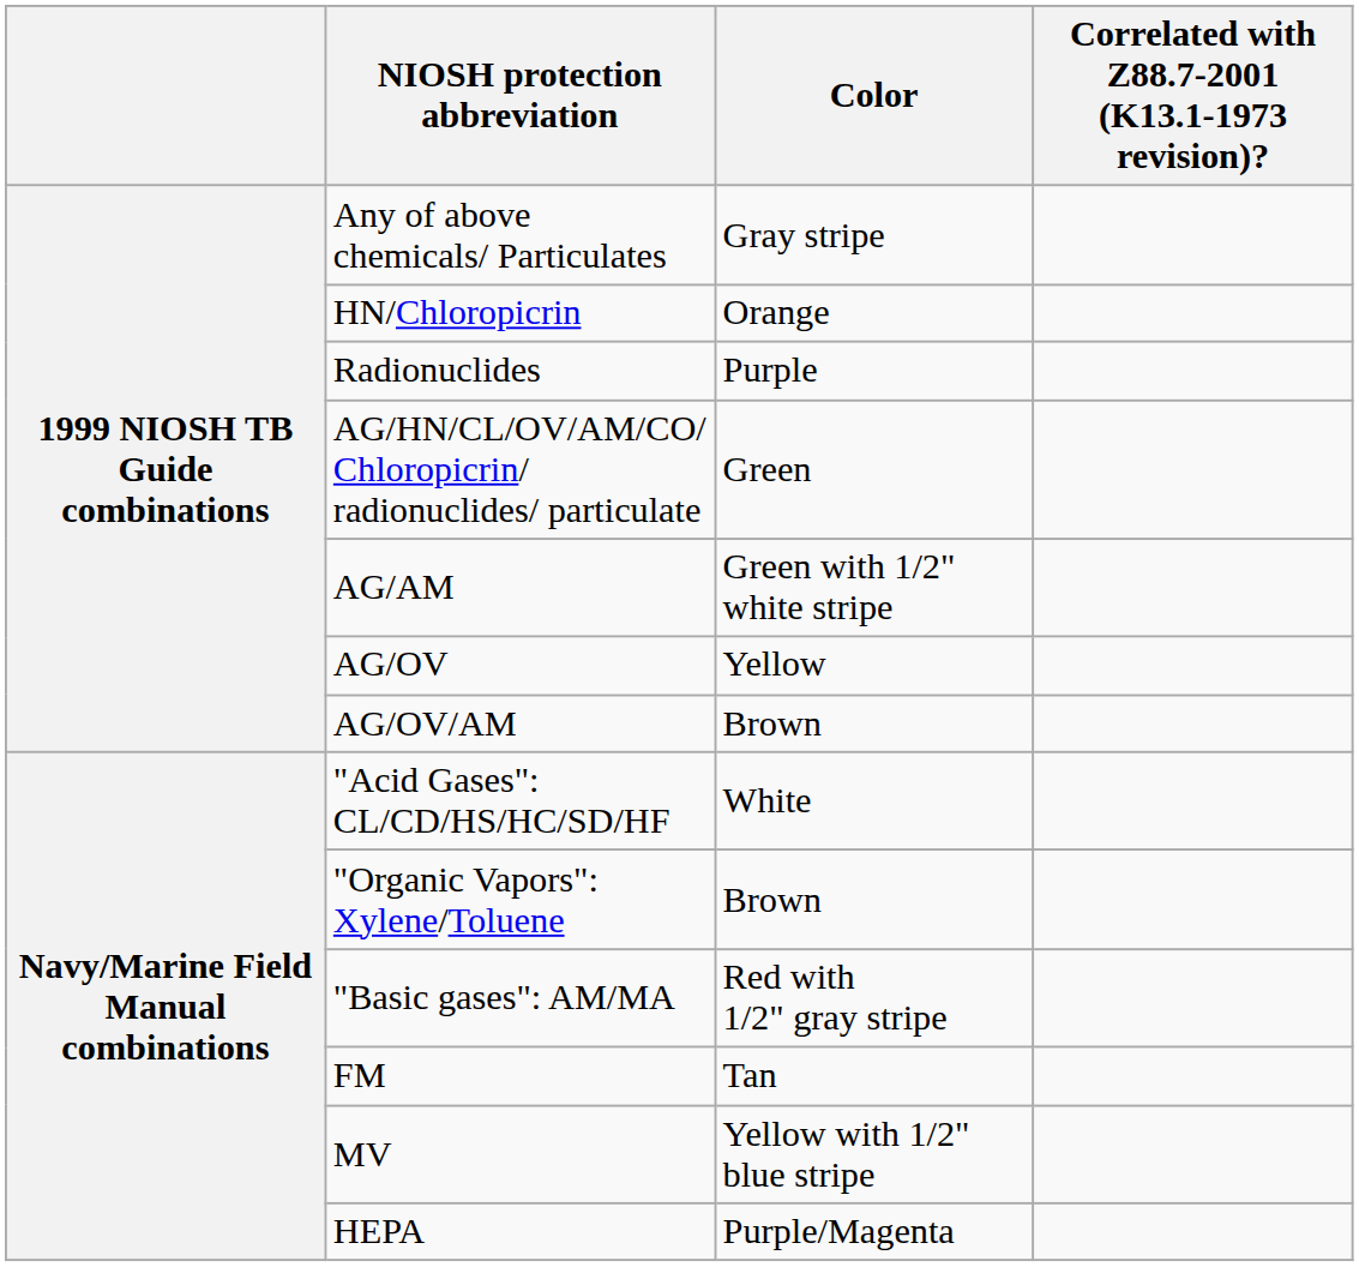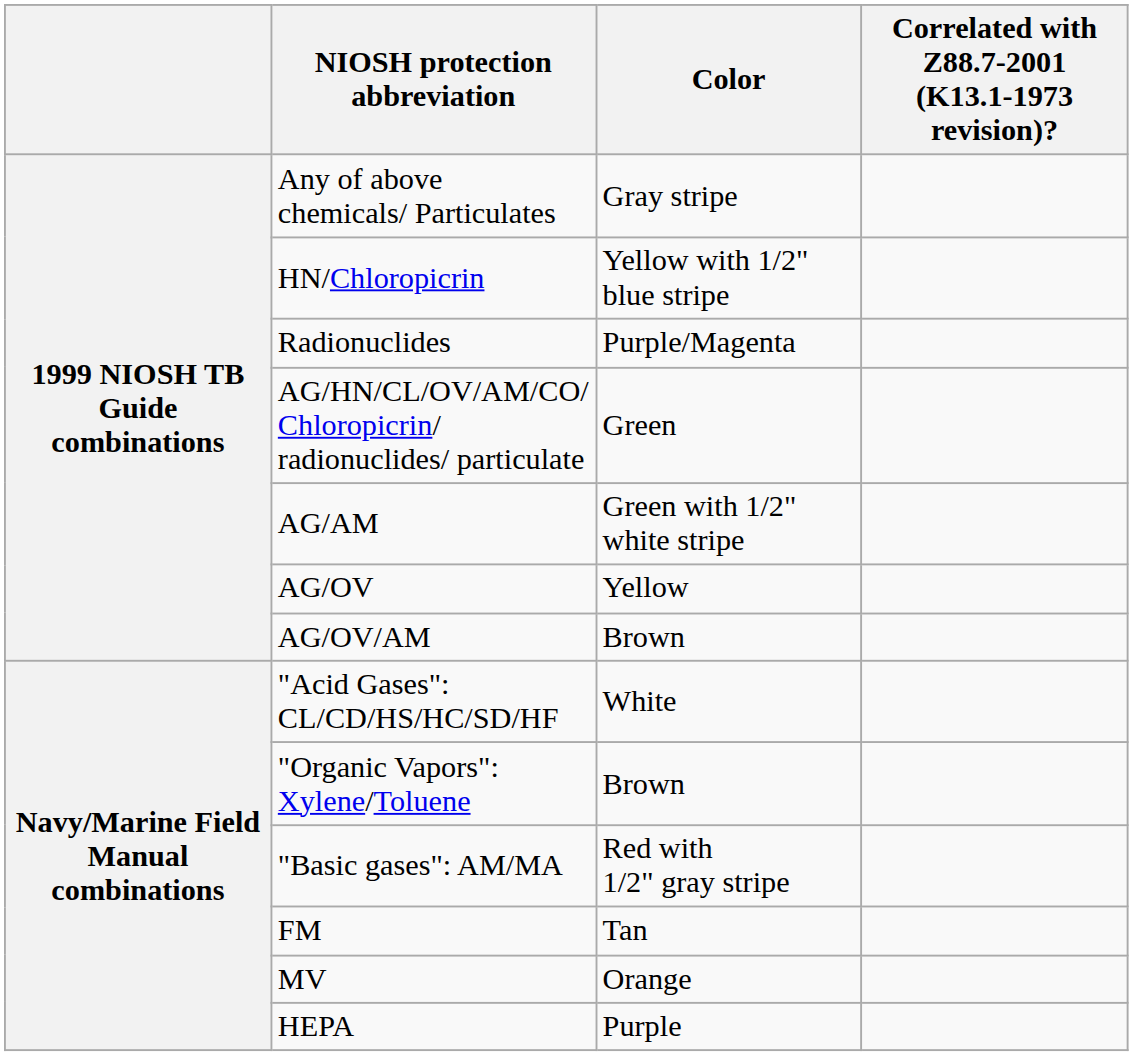 <table class="wikitable sortable collapsible sticky-header">
 <tr>
 <th style="width: 100pt;"></th>
 <th style="width: 100pt;">NIOSH protection<br>abbreviation</th>
 <th style="width: 100pt;">Color</th>
 <th style="width: 100pt;">Correlated with Z88.7-2001<br>(K13.1-1973 revision)?</th>
 </tr>
 <tr>
 <th rowspan="7">1999 NIOSH TB Guide combinations</th>
 <td>Any of above<br>chemicals/ Particulates</td>
 <td>Gray stripe</td>
 <td></td>
 </tr>
 <tr>
 <td>HN/<a href='#'>Chloropicrin</a></td>
-<td>Orange</td>
+<td>Yellow with 1/2" blue stripe</td>
 <td></td>
 </tr>
 <tr>
 <td>Radionuclides</td>
-<td>Purple</td>
+<td>Purple/Magenta</td>
 <td></td>
 </tr>
 <tr>
 <td>AG/HN/CL/OV/AM/CO/<br><a href='#'>Chloropicrin</a>/ radionuclides/ particulate</td>
 <td>Green</td>
 <td></td>
 </tr>
 <tr>
 <td>AG/AM</td>
 <td>Green with 1/2" white stripe</td>
 <td></td>
 </tr>
 <tr>
 <td>AG/OV</td>
 <td>Yellow</td>
 <td></td>
 </tr>
 <tr>
 <td>AG/OV/AM</td>
 <td>Brown</td>
 <td></td>
 </tr>
 <tr>
 <th rowspan="6">Navy/Marine Field Manual combinations</th>
 <td>"Acid Gases":<br>CL/CD/HS/HC/SD/HF</td>
 <td>White</td>
 <td></td>
 </tr>
 <tr>
 <td>"Organic Vapors":<br><a href='#'>Xylene</a>/<a href='#'>Toluene</a></td>
 <td>Brown</td>
 <td></td>
 </tr>
 <tr>
 <td>"Basic gases": AM/MA</td>
 <td>Red with<br>1/2" gray stripe</td>
 <td></td>
 </tr>
 <tr>
 <td>FM</td>
 <td>Tan</td>
 <td></td>
 </tr>
 <tr>
 <td>MV</td>
-<td>Yellow with 1/2" blue stripe</td>
+<td>Orange</td>
 <td></td>
 </tr>
 <tr>
 <td>HEPA</td>
-<td>Purple/Magenta</td>
+<td>Purple</td>
 <td></td>
 </tr>
 </table>
